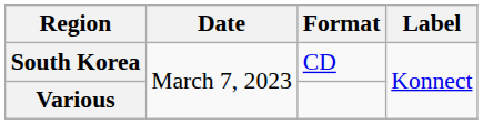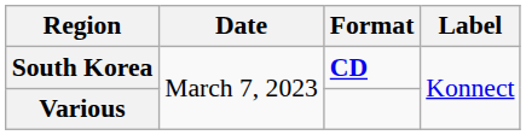 <table class="wikitable plainrowheaders">
 <tr>
 <th scope="col">Region</th>
 <th scope="col">Date</th>
 <th scope="col">Format</th>
 <th scope="col">Label</th>
 </tr>
 <tr>
 <th scope="row">South Korea</th>
 <td rowspan="2">March 7, 2023</td>
-<td><a href='#'>CD</a></td>
+<td><strong><a href='#'>CD</a></strong></td>
 <td rowspan="2"><a href='#'>Konnect</a></td>
 </tr>
 <tr>
 <th scope="row">Various </th>
 <td></td>
 </tr>
 </table>
